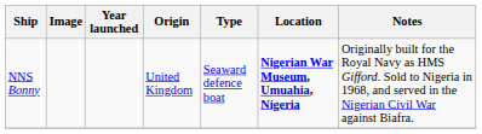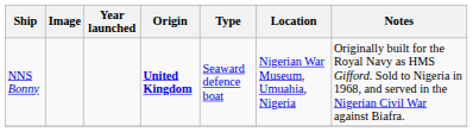 <table class="wikitable sortable">
 <tr>
 <th>Ship</th>
 <th>Image</th>
 <th>Year launched</th>
 <th>Origin</th>
 <th>Type</th>
 <th>Location</th>
 <th>Notes</th>
 </tr>
 <tr>
 <td data-sort-value=Bonny><a href='#'>NNS <em>Bonny</em></a></td>
 <td></td>
 <td></td>
-<td> <a href='#'>United Kingdom</a></td>
+<td><strong> <a href='#'>United Kingdom</a></strong></td>
 <td><a href='#'>Seaward defence boat</a></td>
-<td><strong><a href='#'>Nigerian War Museum</a>, <a href='#'>Umuahia</a>, <a href='#'>Nigeria</a><br><small></small></strong></td>
+<td><a href='#'>Nigerian War Museum</a>, <a href='#'>Umuahia</a>, <a href='#'>Nigeria</a><br><small></small></td>
 <td>Originally built for the Royal Navy as HMS <em>Gifford</em>. Sold to Nigeria in 1968, and served in the <a href='#'>Nigerian Civil War</a> against Biafra.</td>
 </tr>
 <tr>
 </tr>
 </table>
